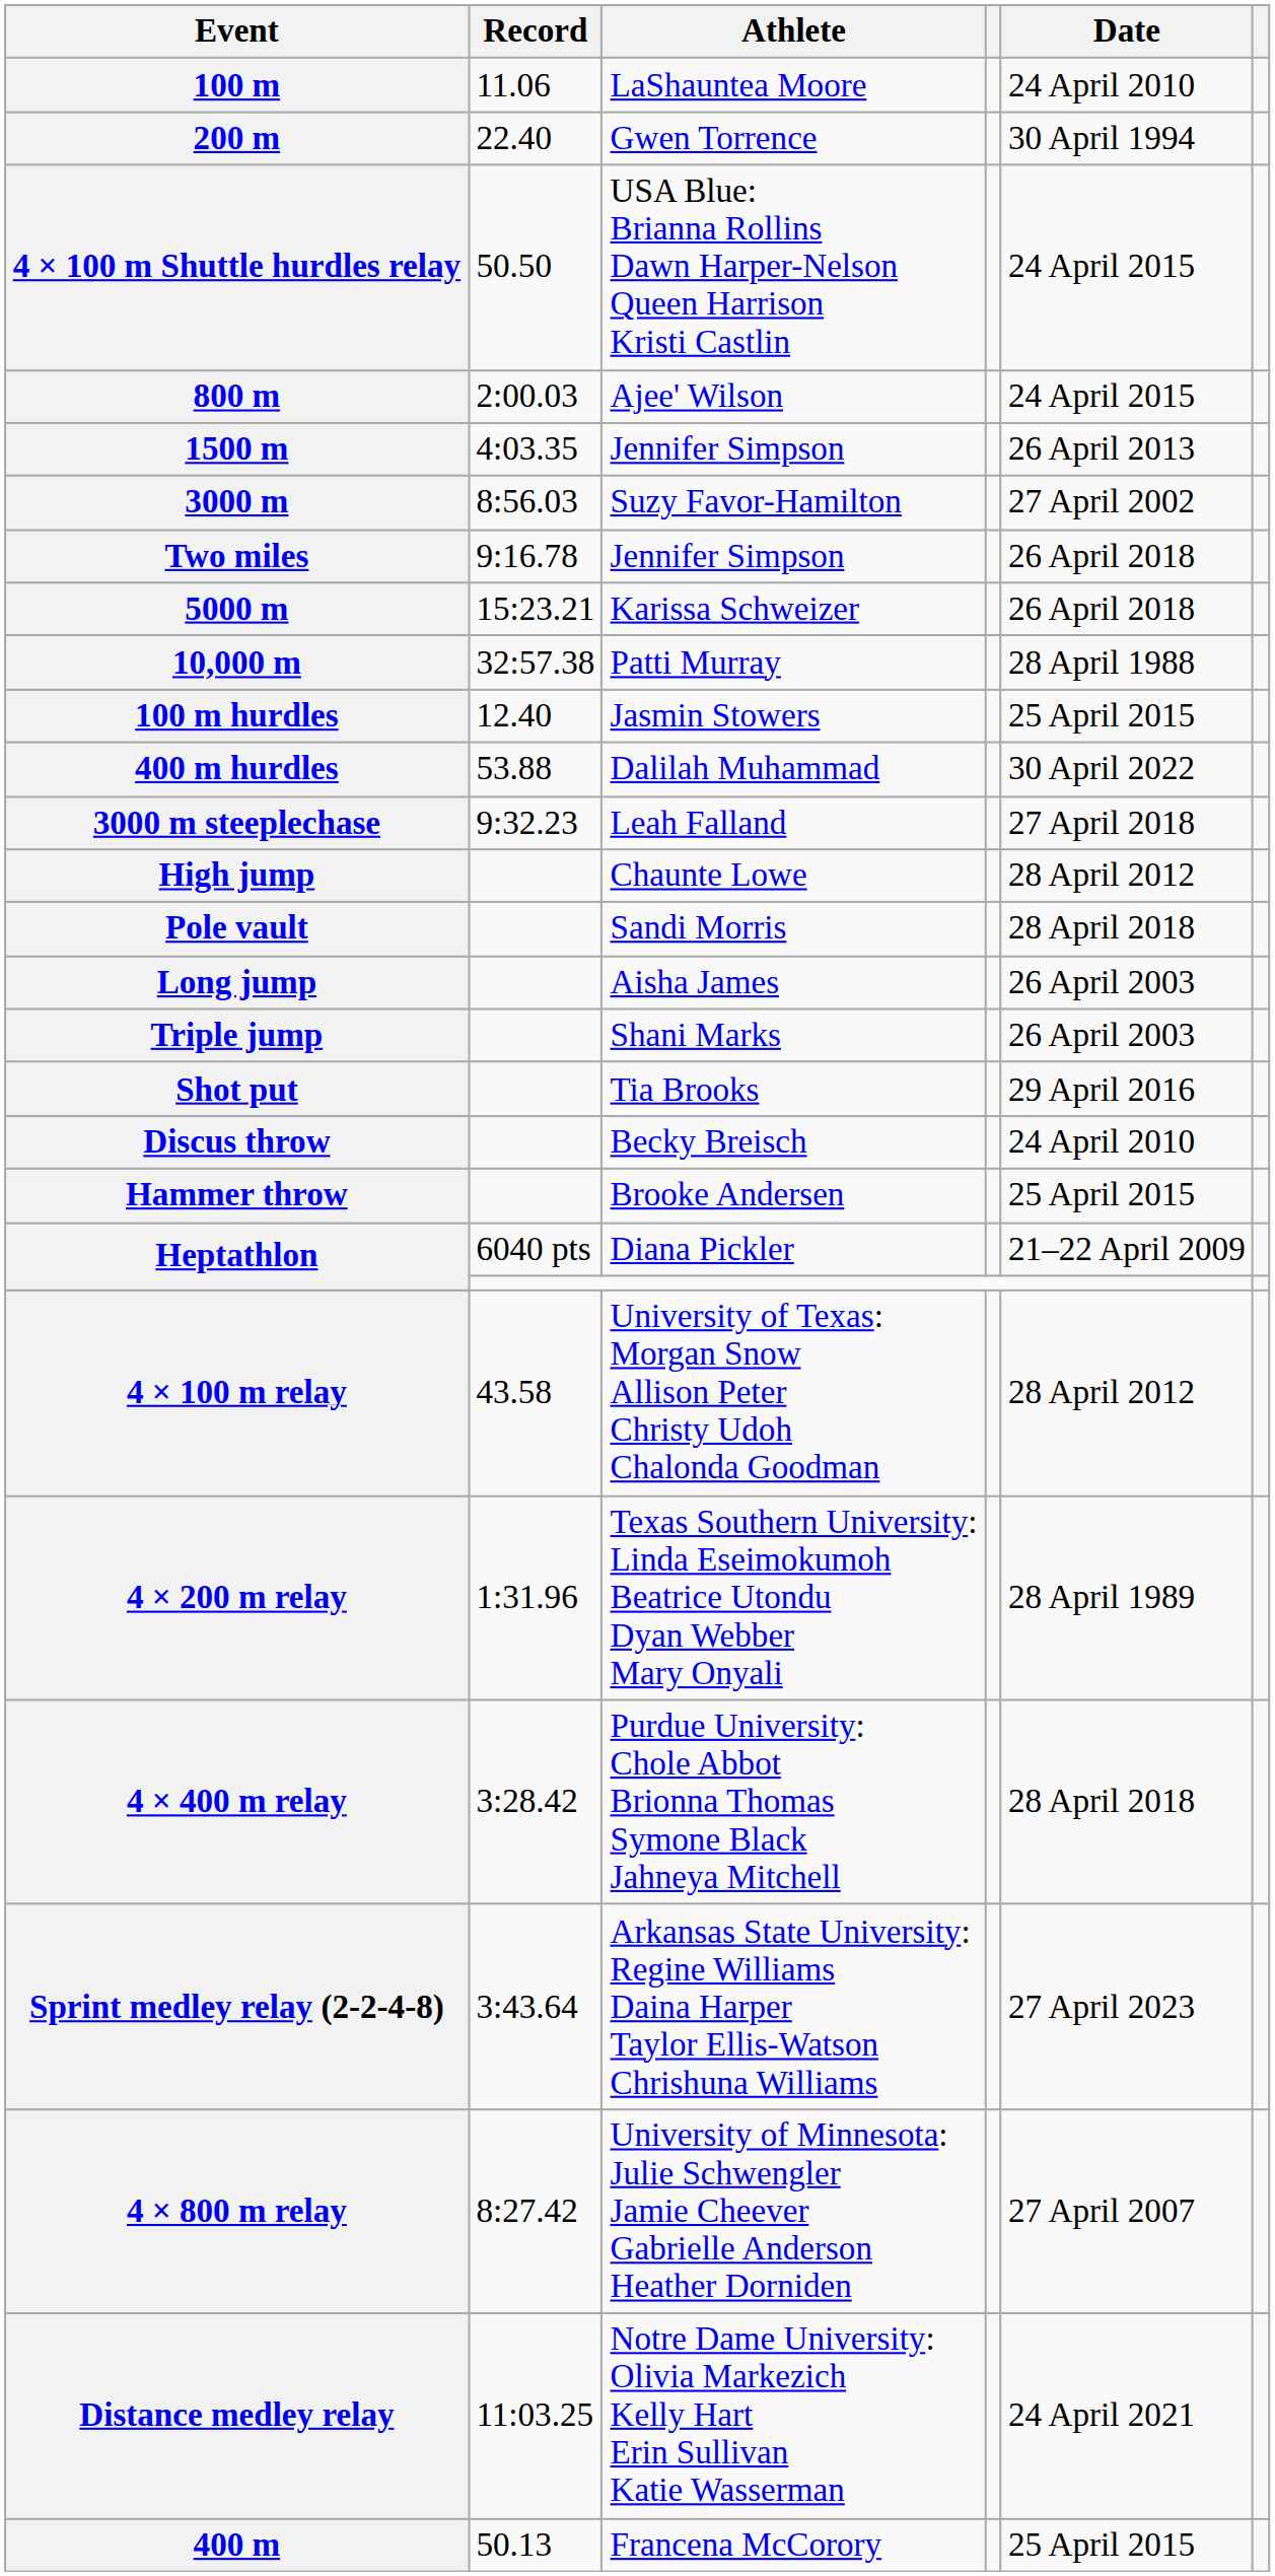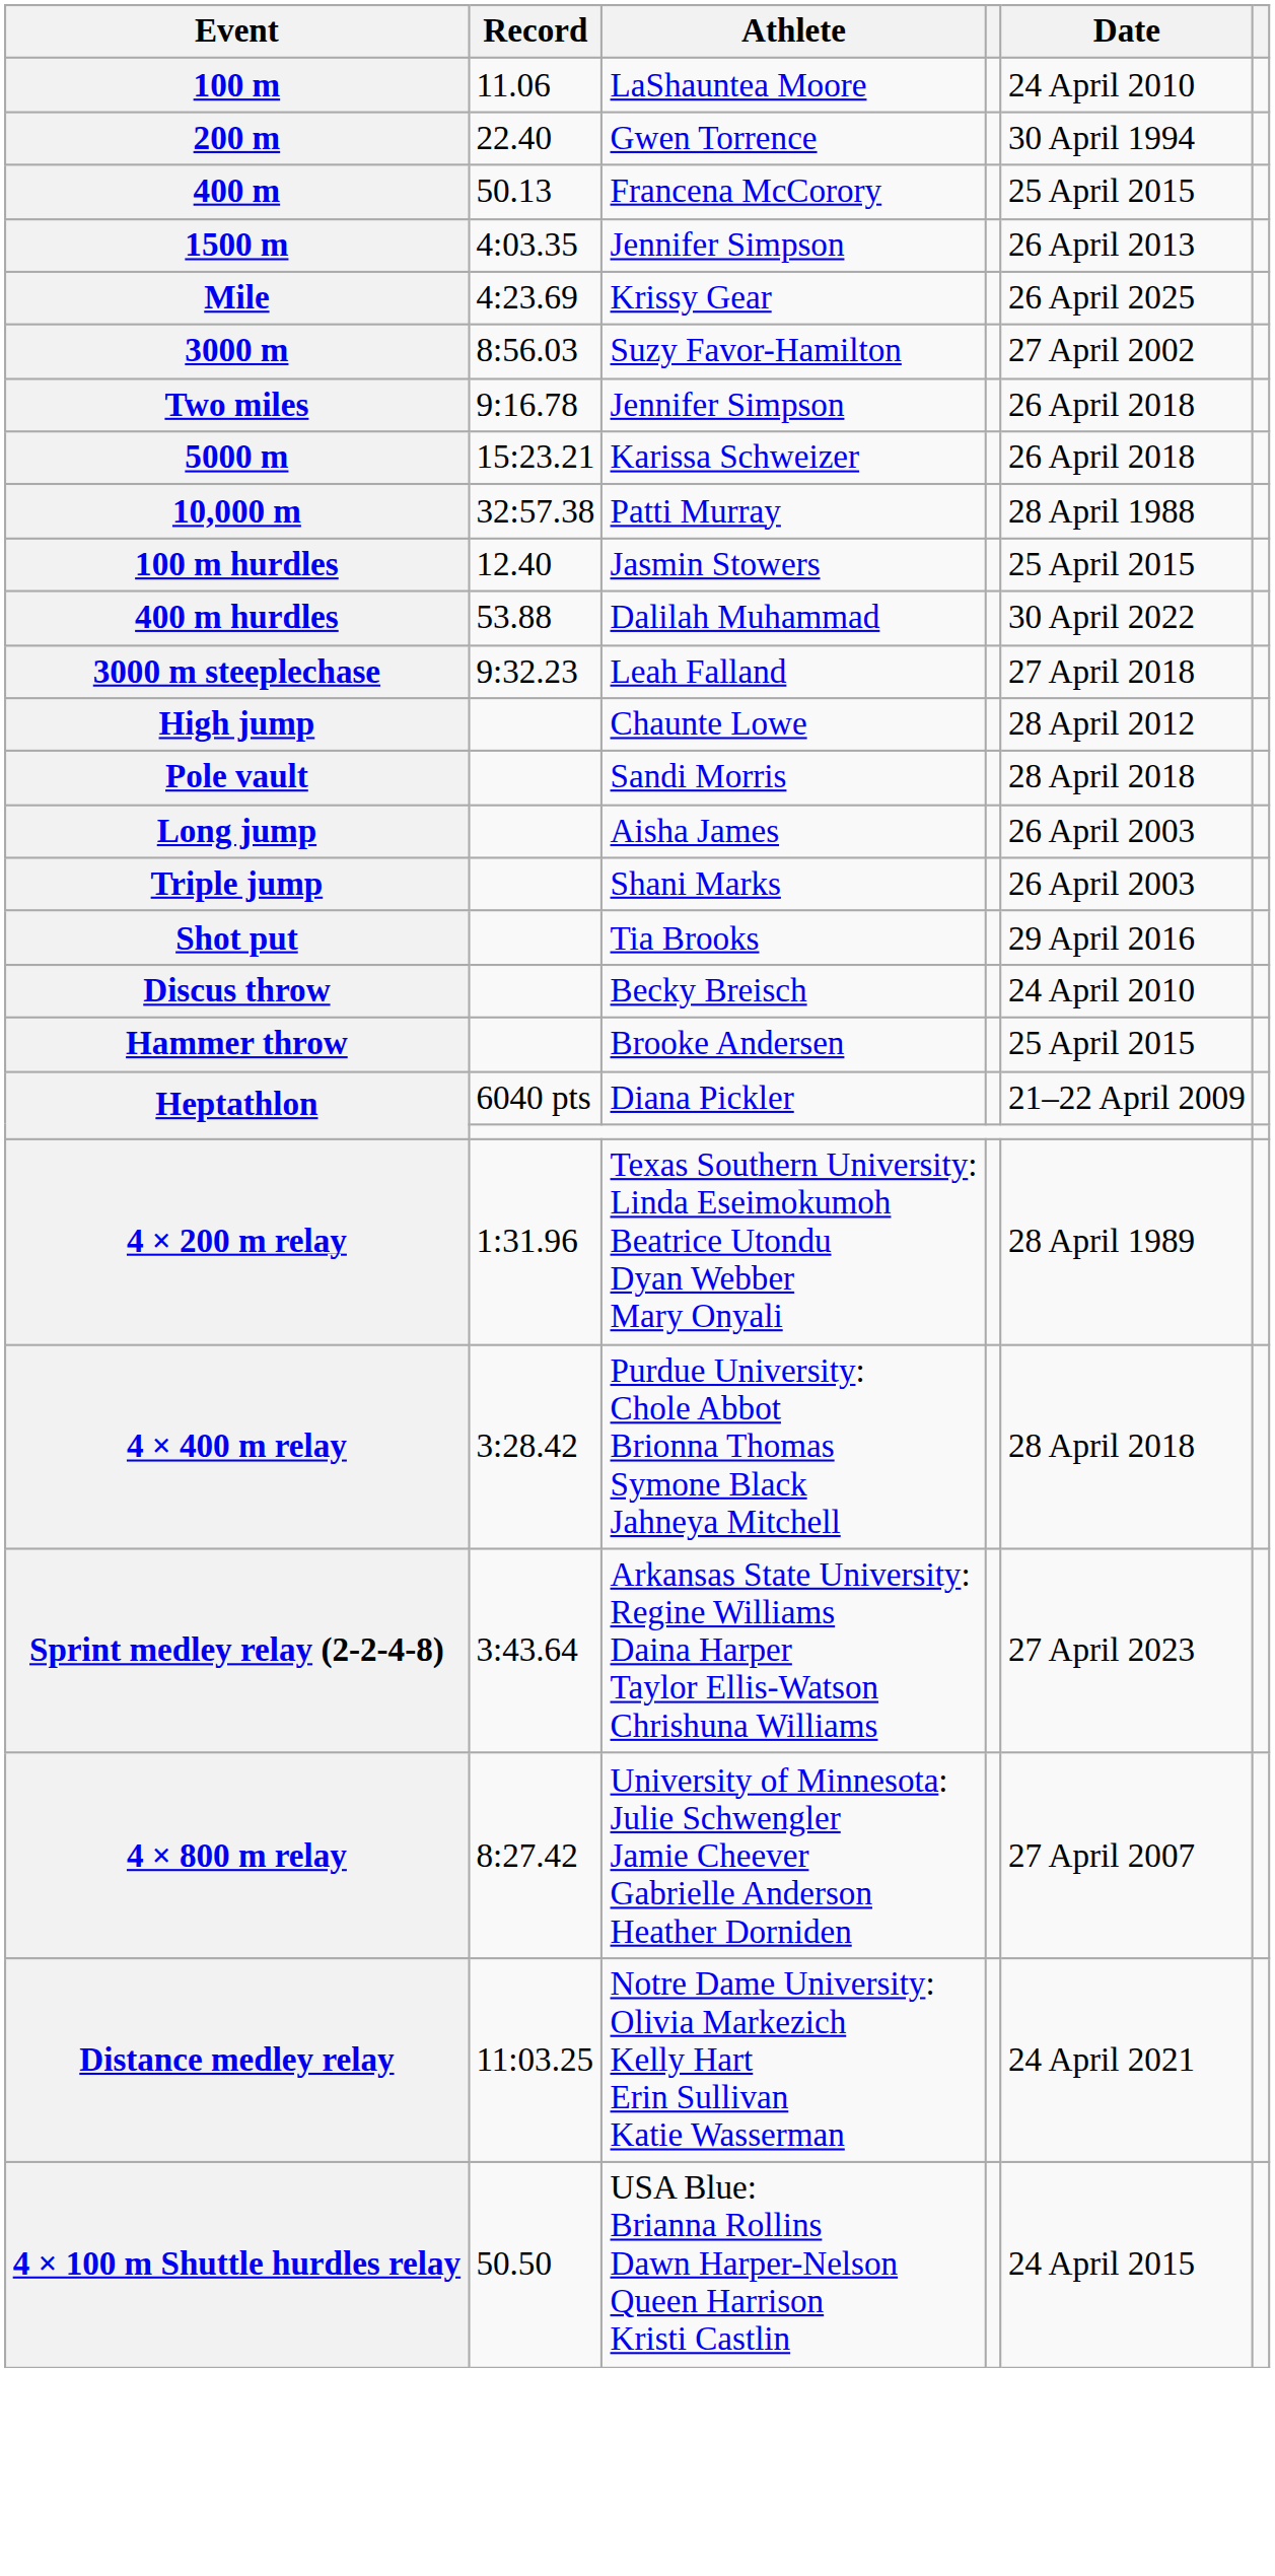 <table class="wikitable plainrowheaders sticky-header">
 <tr>
 <th width=px>Event</th>
 <th width=px>Record</th>
 <th width=px>Athlete</th>
 <th width=px></th>
 <th width=px>Date</th>
 <th width=px></th>
 </tr>
 <tr>
 <th scope="row"><a href='#'>100 m</a></th>
 <td>11.06 </td>
 <td><a href='#'>LaShauntea Moore</a></td>
 <td></td>
 <td>24 April 2010</td>
 <td></td>
 </tr>
 <tr>
 <th scope="row"><a href='#'>200 m</a></th>
 <td>22.40 </td>
 <td><a href='#'>Gwen Torrence</a></td>
 <td></td>
 <td>30 April 1994</td>
 <td></td>
 </tr>
 <tr>
-<th scope="row"><a href='#'>4 × 100 m Shuttle hurdles relay</a></th>
-<td>50.50</td>
-<td>USA Blue:<br><a href='#'>Brianna Rollins</a><br><a href='#'>Dawn Harper-Nelson</a><br><a href='#'>Queen Harrison</a><br><a href='#'>Kristi Castlin</a></td>
-<td><br><br><br><br></td>
-<td>24 April 2015</td>
+<th scope="row"><a href='#'>400 m</a></th>
+<td>50.13</td>
+<td><a href='#'>Francena McCorory</a></td>
 <td></td>
-</tr>
-<tr>
-<th scope="row"><a href='#'>800 m</a></th>
-<td>2:00.03</td>
-<td><a href='#'>Ajee' Wilson</a></td>
-<td></td>
-<td>24 April 2015</td>
+<td>25 April 2015</td>
 <td></td>
 </tr>
 <tr>
 <th scope="row"><a href='#'>1500 m</a></th>
 <td>4:03.35</td>
 <td><a href='#'>Jennifer Simpson</a></td>
 <td></td>
 <td>26 April 2013</td>
+<td></td>
+</tr>
+<tr>
+<th scope="row"><a href='#'>Mile</a></th>
+<td>4:23.69</td>
+<td><a href='#'>Krissy Gear</a></td>
+<td></td>
+<td>26 April 2025</td>
 <td></td>
 </tr>
 <tr>
 <th scope="row"><a href='#'>3000 m</a></th>
 <td>8:56.03</td>
 <td><a href='#'>Suzy Favor-Hamilton</a></td>
 <td></td>
 <td>27 April 2002</td>
 <td></td>
 </tr>
 <tr>
 <th scope="row"><a href='#'>Two miles</a></th>
 <td>9:16.78</td>
 <td><a href='#'>Jennifer Simpson</a></td>
 <td></td>
 <td>26 April 2018</td>
 <td></td>
 </tr>
 <tr>
 <th scope="row"><a href='#'>5000 m</a></th>
 <td>15:23.21</td>
 <td><a href='#'>Karissa Schweizer</a></td>
 <td></td>
 <td>26 April 2018</td>
 <td></td>
 </tr>
 <tr>
 <th scope="row"><a href='#'>10,000 m</a></th>
 <td>32:57.38</td>
 <td><a href='#'>Patti Murray</a></td>
 <td></td>
 <td>28 April 1988</td>
 <td></td>
 </tr>
 <tr>
 <th scope="row"><a href='#'>100 m hurdles</a></th>
 <td>12.40 </td>
 <td><a href='#'>Jasmin Stowers</a></td>
 <td></td>
 <td>25 April 2015</td>
 <td></td>
 </tr>
 <tr>
 <th scope="row"><a href='#'>400 m hurdles</a></th>
 <td>53.88</td>
 <td><a href='#'>Dalilah Muhammad</a></td>
 <td></td>
 <td>30 April 2022</td>
 <td></td>
 </tr>
 <tr>
 <th scope="row"><a href='#'>3000 m steeplechase</a></th>
 <td>9:32.23</td>
 <td><a href='#'>Leah Falland</a></td>
 <td></td>
 <td>27 April 2018</td>
 <td></td>
 </tr>
 <tr>
 <th scope="row"><a href='#'>High jump</a></th>
 <td></td>
 <td><a href='#'>Chaunte Lowe</a></td>
 <td></td>
 <td>28 April 2012</td>
 <td></td>
 </tr>
 <tr>
 <th scope="row"><a href='#'>Pole vault</a></th>
 <td></td>
 <td><a href='#'>Sandi Morris</a></td>
 <td></td>
 <td>28 April 2018</td>
 <td></td>
 </tr>
 <tr>
 <th scope="row"><a href='#'>Long jump</a></th>
 <td></td>
 <td><a href='#'>Aisha James</a></td>
 <td></td>
 <td>26 April 2003</td>
 <td></td>
 </tr>
 <tr>
 <th scope="row"><a href='#'>Triple jump</a></th>
 <td></td>
 <td><a href='#'>Shani Marks</a></td>
 <td></td>
 <td>26 April 2003</td>
 <td></td>
 </tr>
 <tr>
 <th scope="row"><a href='#'>Shot put</a></th>
 <td></td>
 <td><a href='#'>Tia Brooks</a></td>
 <td></td>
 <td>29 April 2016</td>
 <td></td>
 </tr>
 <tr>
 <th scope="row"><a href='#'>Discus throw</a></th>
 <td></td>
 <td><a href='#'>Becky Breisch</a></td>
 <td></td>
 <td>24 April 2010</td>
 <td></td>
 </tr>
 <tr>
 <th scope="row"><a href='#'>Hammer throw</a></th>
 <td></td>
 <td><a href='#'>Brooke Andersen</a></td>
 <td></td>
 <td>25 April 2015</td>
 <td></td>
 </tr>
 <tr>
 <th scope="rowgroup" rowspan="2"><a href='#'>Heptathlon</a></th>
 <td>6040 pts</td>
 <td><a href='#'>Diana Pickler</a></td>
 <td></td>
 <td>21–22 April 2009</td>
 <td></td>
 </tr>
 <tr>
 <td colspan=4></td>
 <td></td>
 </tr>
 <tr>
-<th scope="row"><a href='#'>4 × 100 m relay</a></th>
-<td>43.58</td>
-<td><a href='#'>University of Texas</a>:<br><a href='#'>Morgan Snow</a><br><a href='#'>Allison Peter</a><br><a href='#'>Christy Udoh</a><br><a href='#'>Chalonda Goodman</a></td>
-<td><br><br><br><br></td>
-<td>28 April 2012</td>
-<td></td>
-</tr>
-<tr>
 <th scope="row"><a href='#'>4 × 200 m relay</a></th>
 <td>1:31.96</td>
 <td><a href='#'>Texas Southern University</a>:<br><a href='#'>Linda Eseimokumoh</a><br><a href='#'>Beatrice Utondu</a><br><a href='#'>Dyan Webber</a><br><a href='#'>Mary Onyali</a></td>
 <td><br><br><br><br></td>
 <td>28 April 1989</td>
 <td></td>
 </tr>
 <tr>
 <th scope="row"><a href='#'>4 × 400 m relay</a></th>
 <td>3:28.42</td>
 <td><a href='#'>Purdue University</a>:<br><a href='#'>Chole Abbot</a><br><a href='#'>Brionna Thomas</a><br><a href='#'>Symone Black</a><br><a href='#'>Jahneya Mitchell</a></td>
 <td><br><br><br><br></td>
 <td>28 April 2018</td>
 <td></td>
 </tr>
 <tr>
 <th scope="row"><a href='#'>Sprint medley relay</a> (2-2-4-8)</th>
 <td>3:43.64</td>
 <td><a href='#'>Arkansas State University</a>:<br><a href='#'>Regine Williams</a><br><a href='#'>Daina Harper</a><br><a href='#'>Taylor Ellis-Watson</a><br><a href='#'>Chrishuna Williams</a></td>
 <td><br><br><br><br></td>
 <td>27 April 2023</td>
 <td></td>
 </tr>
 <tr>
 <th scope="row"><a href='#'>4 × 800 m relay</a></th>
 <td>8:27.42</td>
 <td><a href='#'>University of Minnesota</a>:<br><a href='#'>Julie Schwengler</a><br><a href='#'>Jamie Cheever</a><br><a href='#'>Gabrielle Anderson</a><br><a href='#'>Heather Dorniden</a></td>
 <td><br><br><br><br></td>
 <td>27 April 2007</td>
 <td></td>
 </tr>
 <tr>
 <th scope="row"><a href='#'>Distance medley relay</a></th>
 <td>11:03.25</td>
 <td><a href='#'>Notre Dame University</a>:<br><a href='#'>Olivia Markezich</a><br><a href='#'>Kelly Hart</a><br><a href='#'>Erin Sullivan</a><br><a href='#'>Katie Wasserman</a></td>
 <td><br><br><br><br></td>
 <td>24 April 2021</td>
 <td></td>
 </tr>
 <tr>
-<th scope="row"><a href='#'>400 m</a></th>
-<td>50.13</td>
-<td><a href='#'>Francena McCorory</a></td>
-<td></td>
-<td>25 April 2015</td>
+<th scope="row"><a href='#'>4 × 100 m Shuttle hurdles relay</a></th>
+<td>50.50</td>
+<td>USA Blue:<br><a href='#'>Brianna Rollins</a><br><a href='#'>Dawn Harper-Nelson</a><br><a href='#'>Queen Harrison</a><br><a href='#'>Kristi Castlin</a></td>
+<td><br><br><br><br></td>
+<td>24 April 2015</td>
 <td></td>
 </tr>
 </table>
